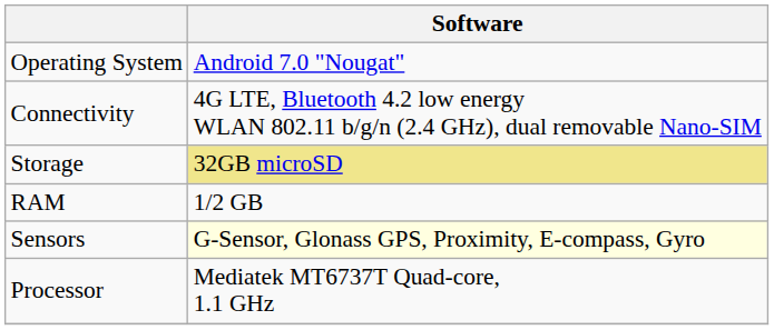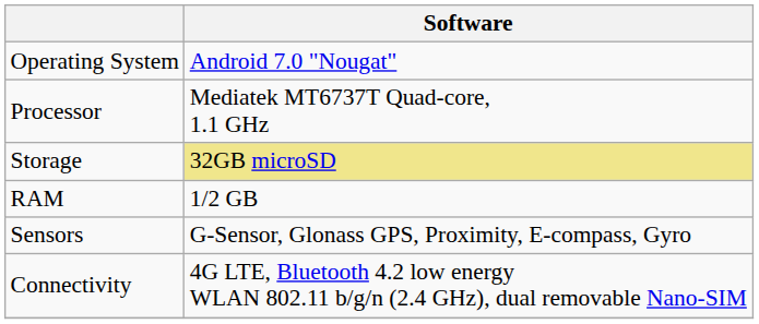 <table class="wikitable">
 <tr>
 <th></th>
 <th>Software</th>
 </tr>
 <tr>
 <td>Operating System</td>
 <td><a href='#'>Android 7.0 "Nougat"</a></td>
 </tr>
 <tr>
-<td>Connectivity</td>
-<td>4G LTE, <a href='#'>Bluetooth</a> 4.2 low energy<br>WLAN 802.11 b/g/n (2.4 GHz),  dual removable <a href='#'>Nano-SIM</a></td>
+<td>Processor</td>
+<td>Mediatek MT6737T Quad-core,<br>1.1 GHz</td>
 </tr>
 <tr>
 <td>Storage</td>
 <td style="background: khaki;">32GB <a href='#'>microSD</a></td>
 </tr>
 <tr>
 <td>RAM</td>
 <td>1/2 GB</td>
 </tr>
 <tr>
 <td>Sensors</td>
-<td style="background: lightyellow;">G-Sensor, Glonass GPS, Proximity, E-compass, Gyro</td>
+<td>G-Sensor, Glonass GPS, Proximity, E-compass, Gyro</td>
 </tr>
 <tr>
-<td>Processor</td>
-<td>Mediatek MT6737T Quad-core,<br>1.1 GHz</td>
+<td>Connectivity</td>
+<td>4G LTE, <a href='#'>Bluetooth</a> 4.2 low energy<br>WLAN 802.11 b/g/n (2.4 GHz),  dual removable <a href='#'>Nano-SIM</a></td>
 </tr>
 <tr>
 </tr>
 </table>
